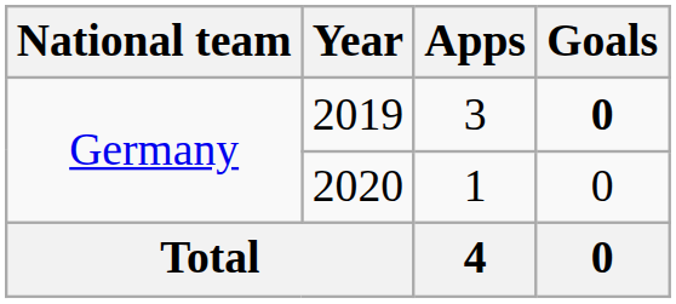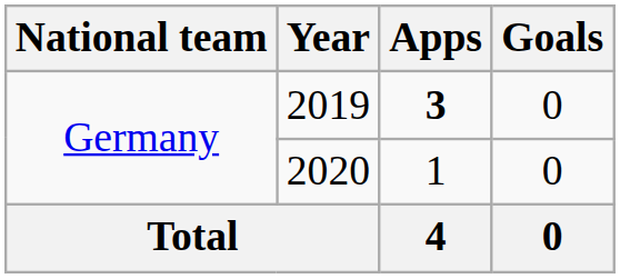 <table class="wikitable" style="text-align:center">
 <tr>
 <th>National team</th>
 <th>Year</th>
 <th>Apps</th>
 <th>Goals</th>
 </tr>
 <tr>
 <td rowspan=2><a href='#'>Germany</a></td>
 <td>2019</td>
-<td>3</td>
-<td><strong>0</strong></td>
+<td><strong>3</strong></td>
+<td>0</td>
 </tr>
 <tr>
 <td>2020</td>
 <td>1</td>
 <td>0</td>
 </tr>
 <tr>
 <th colspan=2>Total</th>
 <th>4</th>
 <th>0</th>
 </tr>
 </table>
